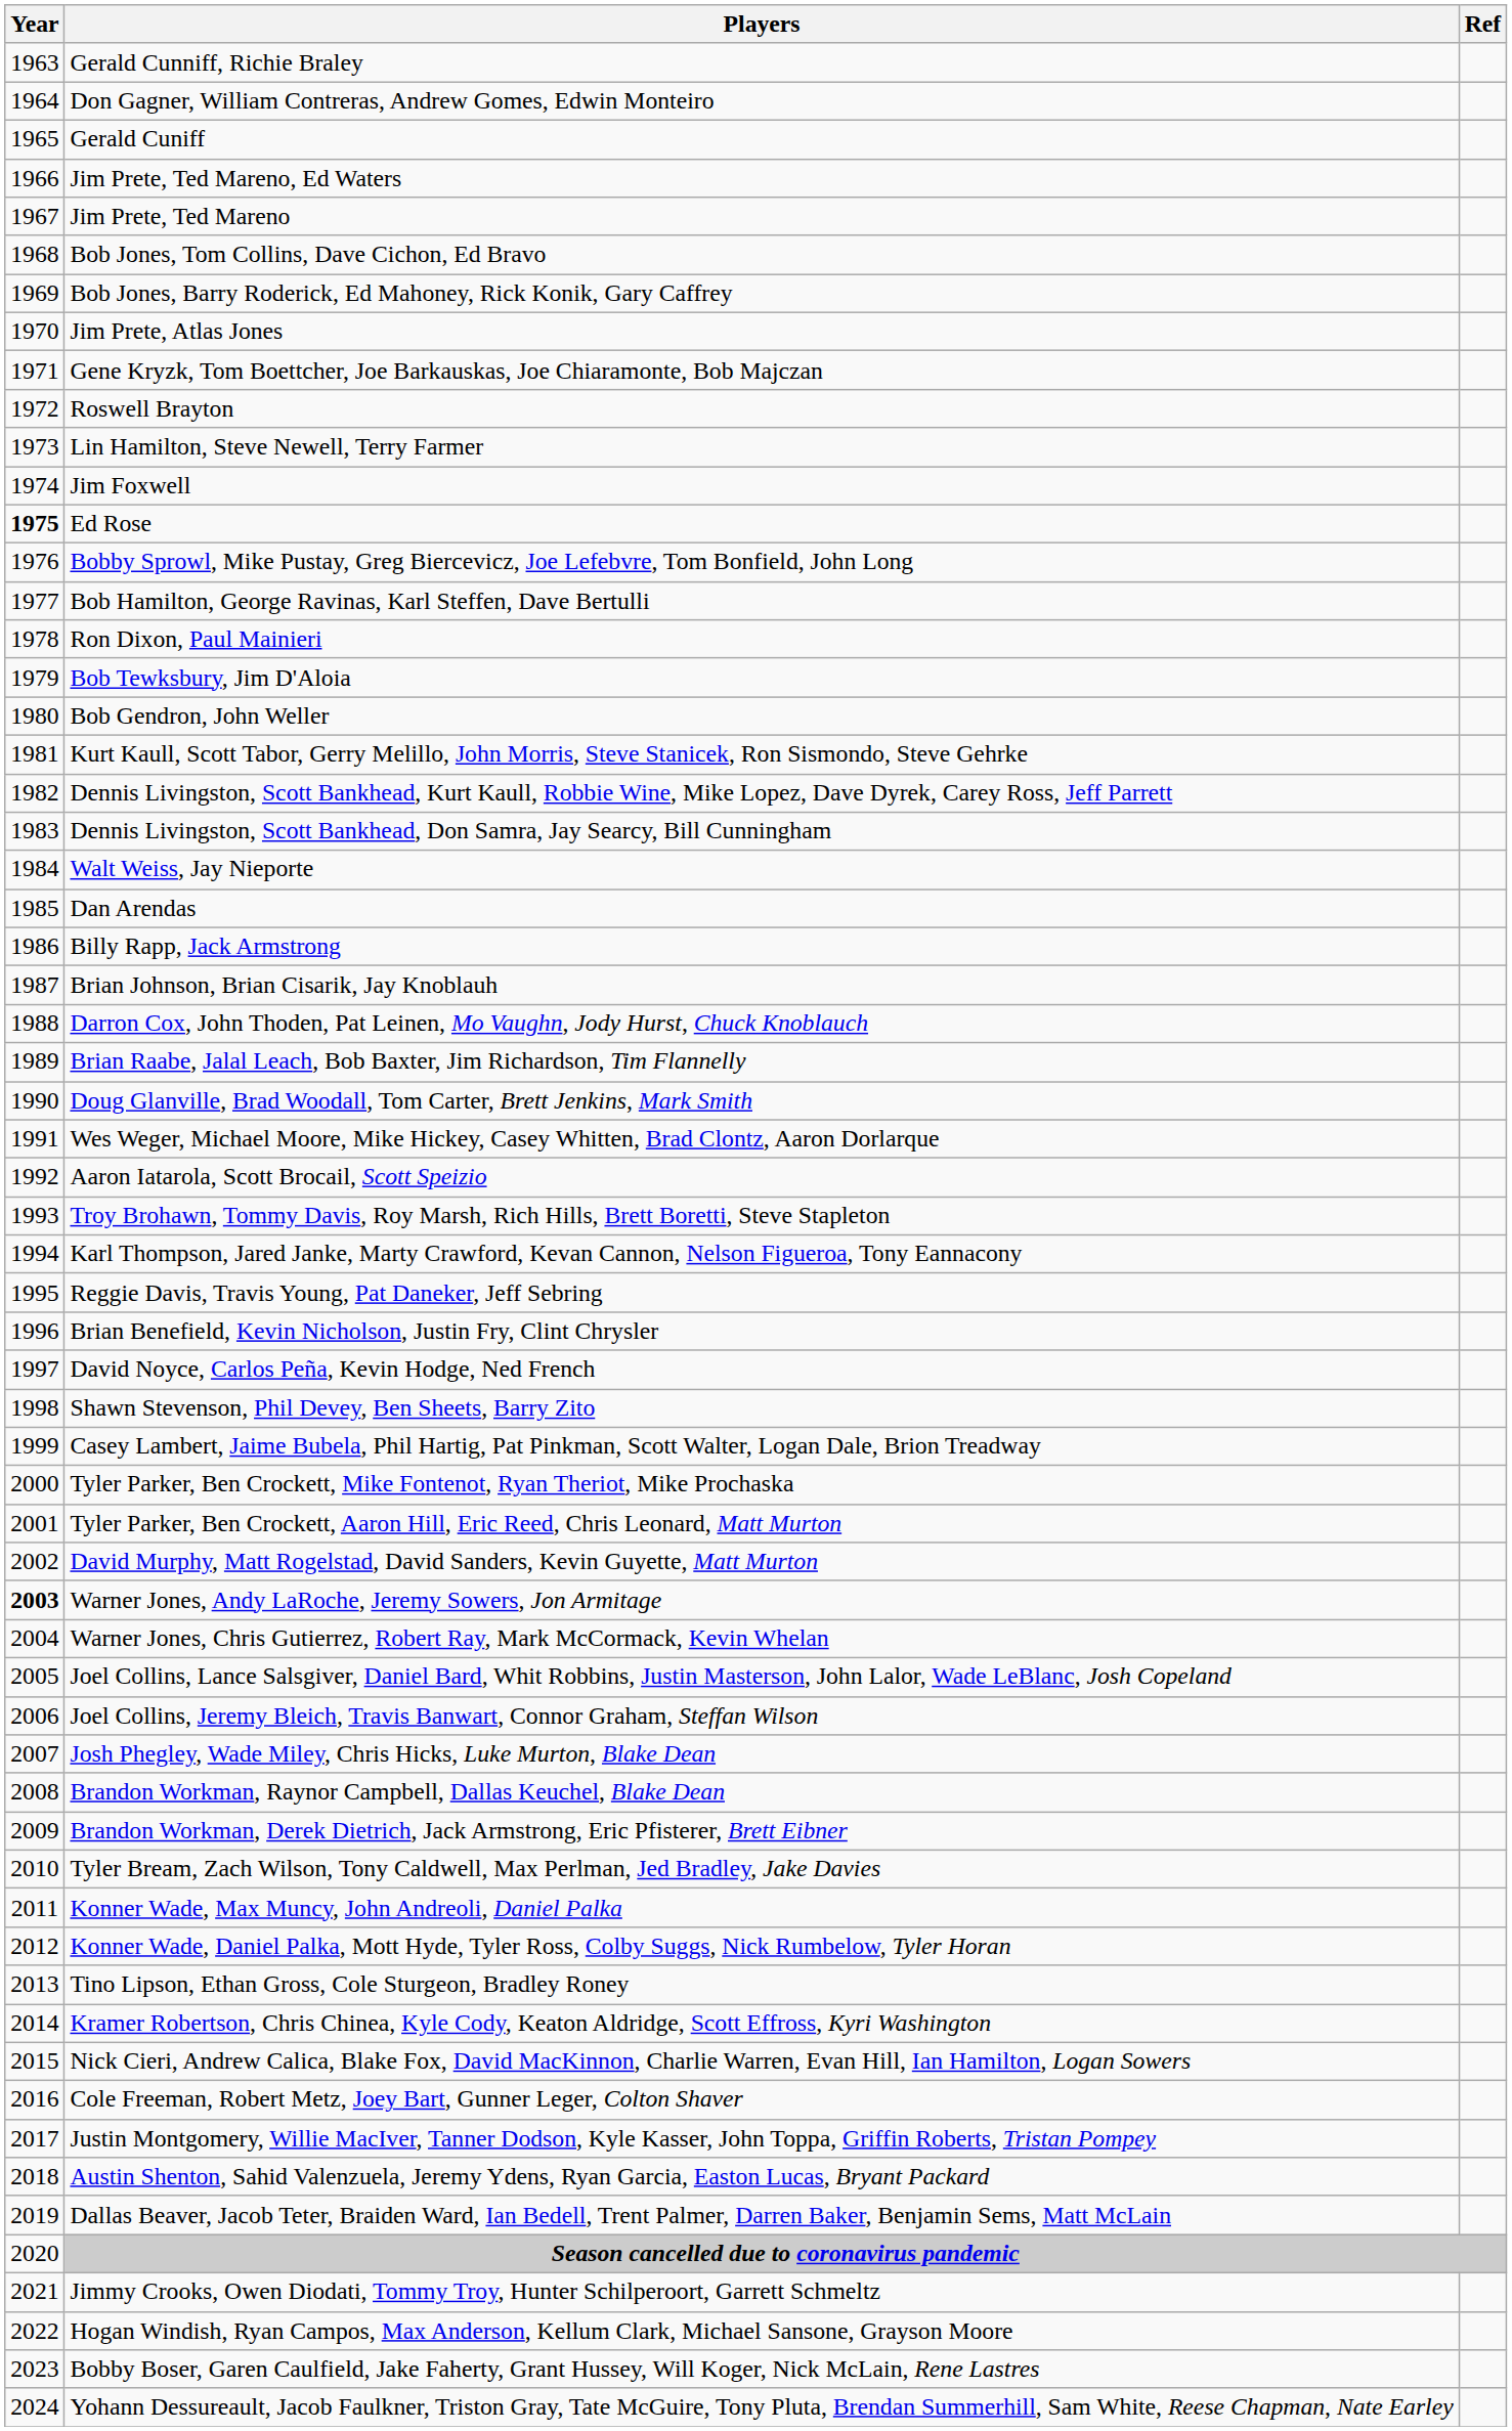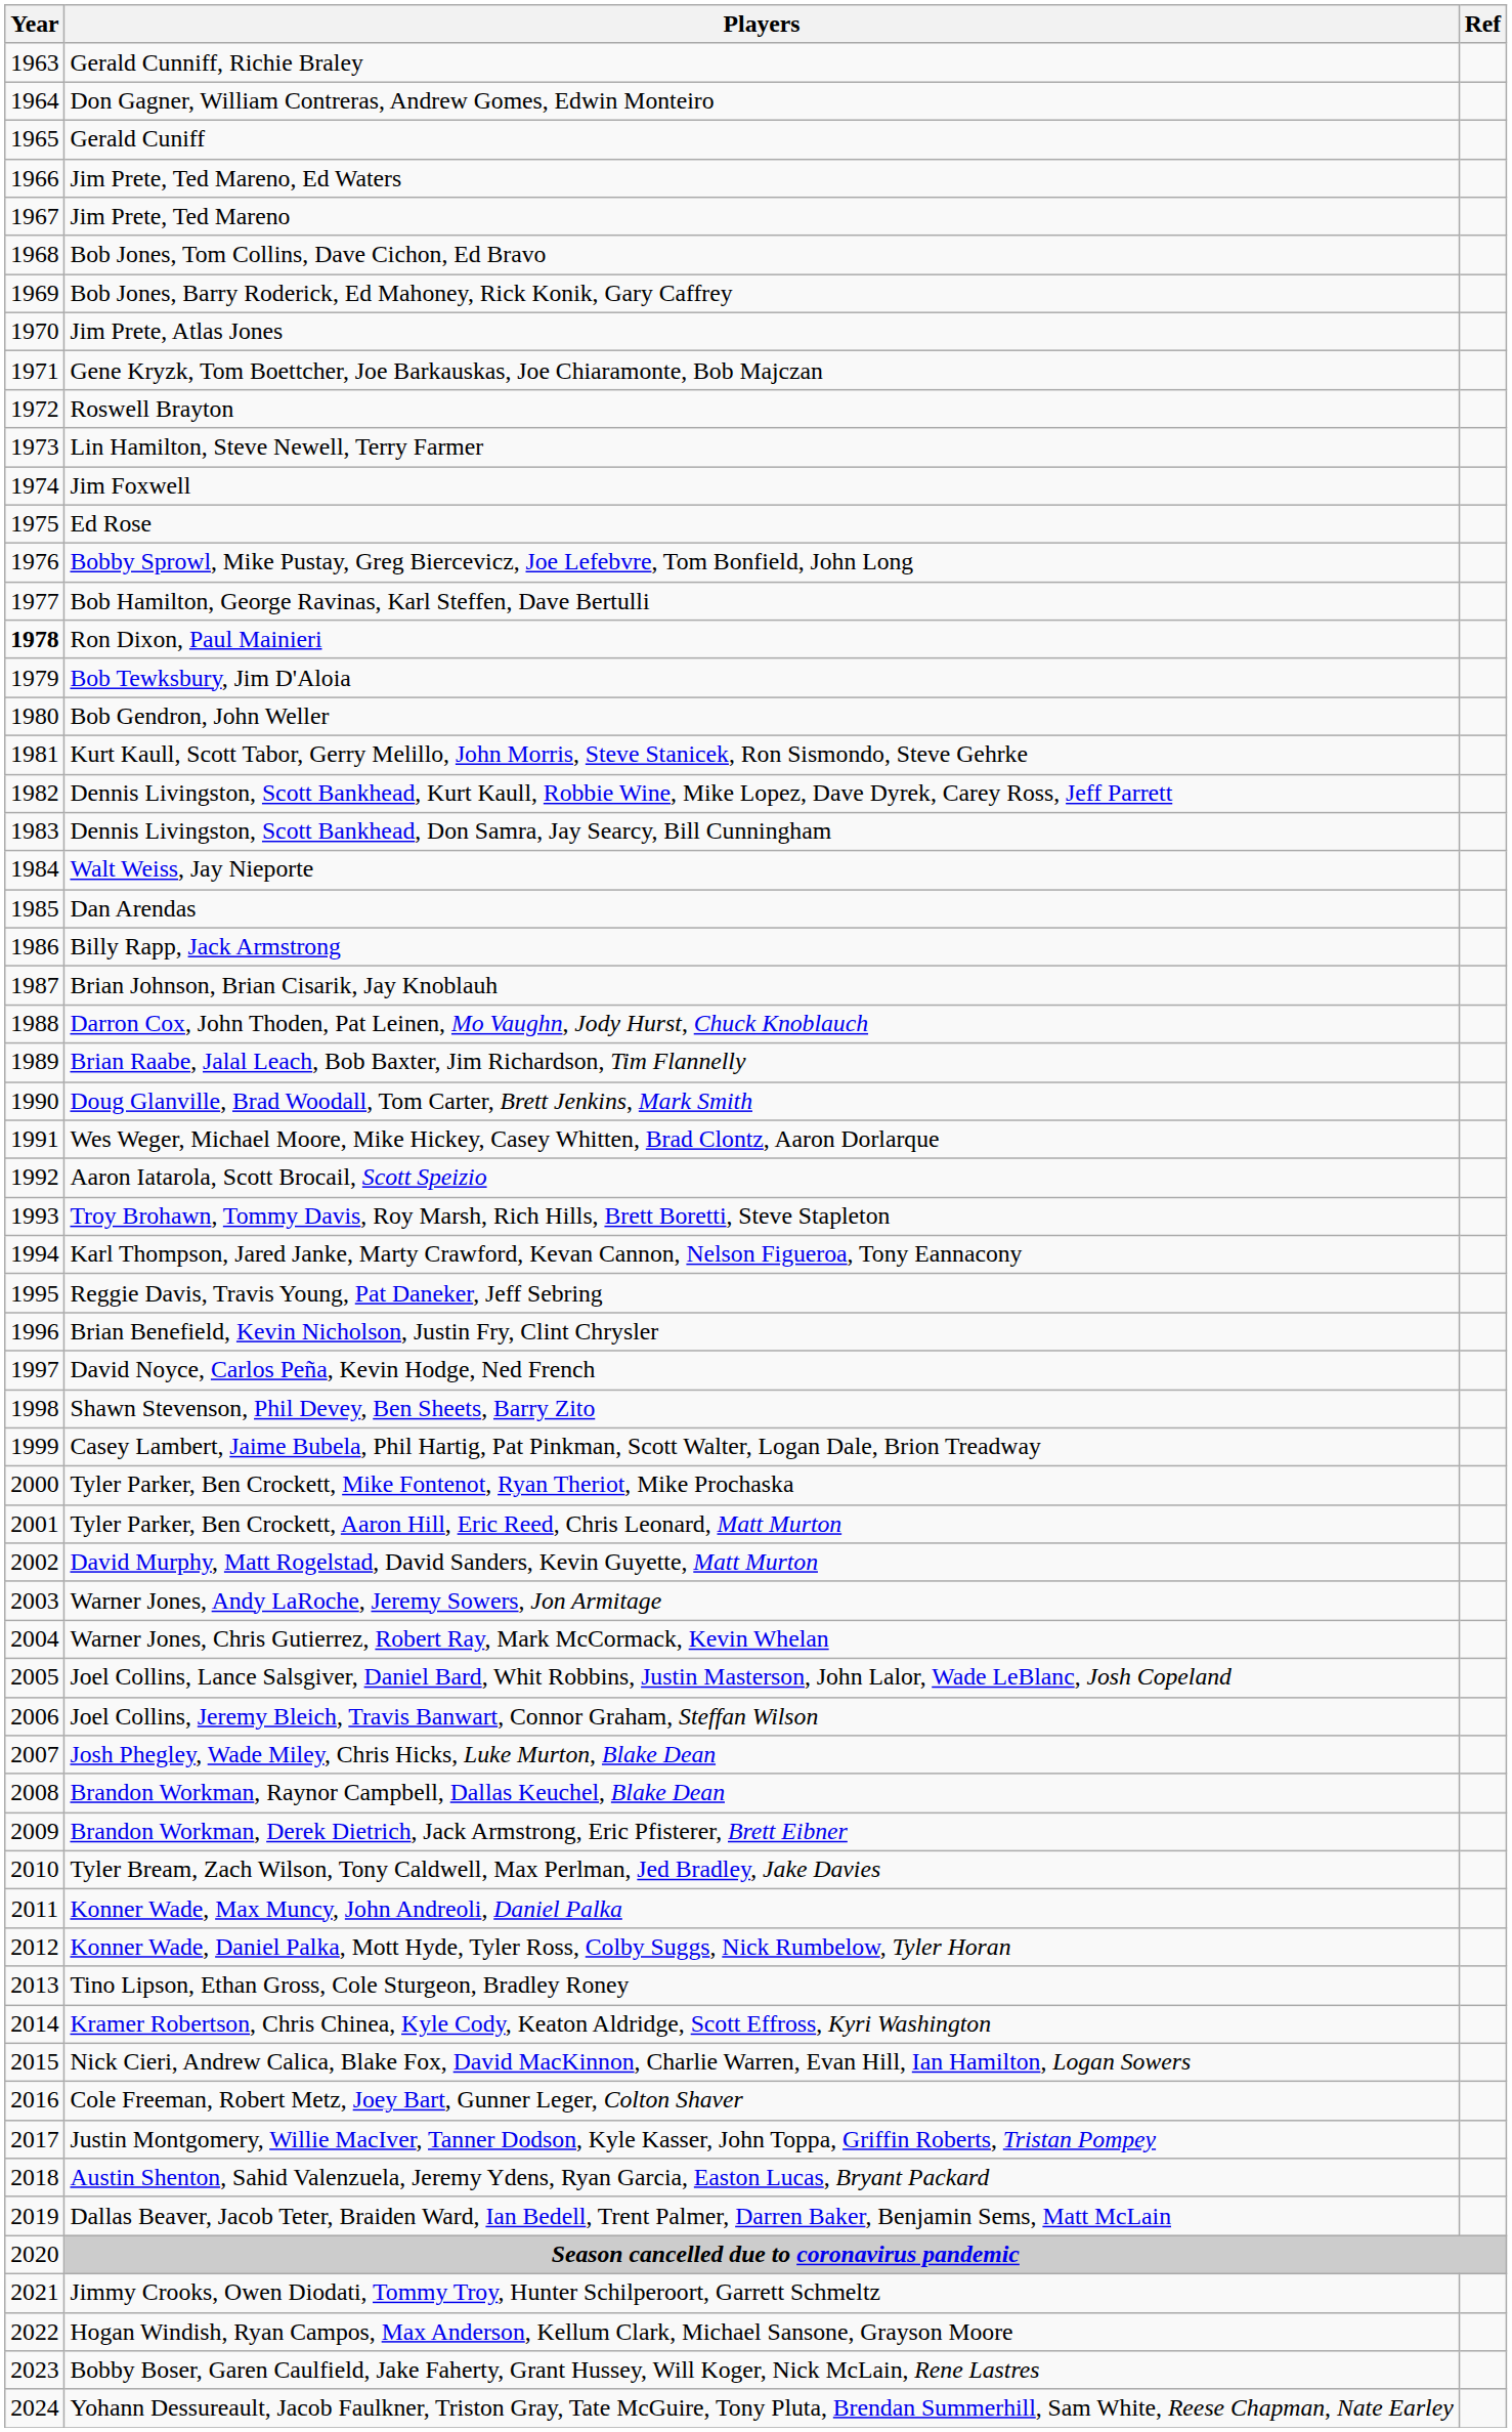 <table class="wikitable" style="text-align:center">
 <tr>
 <th scope="col">Year</th>
 <th scope="col">Players</th>
 <th scope="col">Ref</th>
 </tr>
 <tr>
 <td>1963</td>
 <td style="text-align:left">Gerald Cunniff, Richie Braley</td>
 <td></td>
 </tr>
 <tr>
 <td>1964</td>
 <td style="text-align:left">Don Gagner, William Contreras, Andrew Gomes, Edwin Monteiro</td>
 <td></td>
 </tr>
 <tr>
 <td>1965</td>
 <td style="text-align:left">Gerald Cuniff</td>
 <td></td>
 </tr>
 <tr>
 <td>1966</td>
 <td style="text-align:left">Jim Prete, Ted Mareno, Ed Waters</td>
 <td></td>
 </tr>
 <tr>
 <td>1967</td>
 <td style="text-align:left">Jim Prete, Ted Mareno</td>
 <td></td>
 </tr>
 <tr>
 <td>1968</td>
 <td style="text-align:left">Bob Jones, Tom Collins, Dave Cichon, Ed Bravo</td>
 <td></td>
 </tr>
 <tr>
 <td>1969</td>
 <td style="text-align:left">Bob Jones, Barry Roderick, Ed Mahoney, Rick Konik, Gary Caffrey</td>
 <td></td>
 </tr>
 <tr>
 <td>1970</td>
 <td style="text-align:left">Jim Prete, Atlas Jones</td>
 <td></td>
 </tr>
 <tr>
 <td>1971</td>
 <td style="text-align:left">Gene Kryzk, Tom Boettcher, Joe Barkauskas, Joe Chiaramonte, Bob Majczan</td>
 <td></td>
 </tr>
 <tr>
 <td>1972</td>
 <td style="text-align:left">Roswell Brayton</td>
 <td></td>
 </tr>
 <tr>
 <td>1973</td>
 <td style="text-align:left">Lin Hamilton, Steve Newell, Terry Farmer</td>
 <td></td>
 </tr>
 <tr>
 <td>1974</td>
 <td style="text-align:left">Jim Foxwell</td>
 <td></td>
 </tr>
 <tr>
-<td><strong>1975</strong></td>
+<td>1975</td>
 <td style="text-align:left">Ed Rose</td>
 <td></td>
 </tr>
 <tr>
 <td>1976</td>
 <td style="text-align:left"><a href='#'>Bobby Sprowl</a>, Mike Pustay, Greg Biercevicz, <a href='#'>Joe Lefebvre</a>, Tom Bonfield, John Long</td>
 <td></td>
 </tr>
 <tr>
 <td>1977</td>
 <td style="text-align:left">Bob Hamilton, George Ravinas, Karl Steffen, Dave Bertulli</td>
 <td></td>
 </tr>
 <tr>
-<td>1978</td>
+<td><strong>1978</strong></td>
 <td style="text-align:left">Ron Dixon, <a href='#'>Paul Mainieri</a></td>
 <td></td>
 </tr>
 <tr>
 <td>1979</td>
 <td style="text-align:left"><a href='#'>Bob Tewksbury</a>, Jim D'Aloia</td>
 <td></td>
 </tr>
 <tr>
 <td>1980</td>
 <td style="text-align:left">Bob Gendron, John Weller</td>
 <td></td>
 </tr>
 <tr>
 <td>1981</td>
 <td style="text-align:left">Kurt Kaull, Scott Tabor, Gerry Melillo, <a href='#'>John Morris</a>, <a href='#'>Steve Stanicek</a>, Ron Sismondo, Steve Gehrke</td>
 <td></td>
 </tr>
 <tr>
 <td>1982</td>
 <td style="text-align:left">Dennis Livingston, <a href='#'>Scott Bankhead</a>, Kurt Kaull, <a href='#'>Robbie Wine</a>, Mike Lopez, Dave Dyrek, Carey Ross, <a href='#'>Jeff Parrett</a></td>
 <td></td>
 </tr>
 <tr>
 <td>1983</td>
 <td style="text-align:left">Dennis Livingston, <a href='#'>Scott Bankhead</a>, Don Samra, Jay Searcy, Bill Cunningham</td>
 <td></td>
 </tr>
 <tr>
 <td>1984</td>
 <td style="text-align:left"><a href='#'>Walt Weiss</a>, Jay Nieporte</td>
 <td></td>
 </tr>
 <tr>
 <td>1985</td>
 <td style="text-align:left">Dan Arendas</td>
 <td></td>
 </tr>
 <tr>
 <td>1986</td>
 <td style="text-align:left">Billy Rapp, <a href='#'>Jack Armstrong</a></td>
 <td></td>
 </tr>
 <tr>
 <td>1987</td>
 <td style="text-align:left">Brian Johnson, Brian Cisarik, Jay Knoblauh</td>
 <td></td>
 </tr>
 <tr>
 <td>1988</td>
 <td style="text-align:left"><a href='#'>Darron Cox</a>, John Thoden, Pat Leinen, <em><a href='#'>Mo Vaughn</a></em>, <em>Jody Hurst</em>, <em><a href='#'>Chuck Knoblauch</a></em></td>
 <td></td>
 </tr>
 <tr>
 <td>1989</td>
 <td style="text-align:left"><a href='#'>Brian Raabe</a>, <a href='#'>Jalal Leach</a>, Bob Baxter, Jim Richardson, <em>Tim Flannelly</em></td>
 <td></td>
 </tr>
 <tr>
 <td>1990</td>
 <td style="text-align:left"><a href='#'>Doug Glanville</a>, <a href='#'>Brad Woodall</a>, Tom Carter, <em>Brett Jenkins</em>, <em><a href='#'>Mark Smith</a></em></td>
 <td></td>
 </tr>
 <tr>
 <td>1991</td>
 <td style="text-align:left">Wes Weger, Michael Moore, Mike Hickey, Casey Whitten, <a href='#'>Brad Clontz</a>, Aaron Dorlarque</td>
 <td></td>
 </tr>
 <tr>
 <td>1992</td>
 <td style="text-align:left">Aaron Iatarola, Scott Brocail, <em><a href='#'>Scott Speizio</a></em></td>
 <td></td>
 </tr>
 <tr>
 <td>1993</td>
 <td style="text-align:left"><a href='#'>Troy Brohawn</a>, <a href='#'>Tommy Davis</a>, Roy Marsh, Rich Hills, <a href='#'>Brett Boretti</a>, Steve Stapleton</td>
 <td></td>
 </tr>
 <tr>
 <td>1994</td>
 <td style="text-align:left">Karl Thompson, Jared Janke, Marty Crawford, Kevan Cannon, <a href='#'>Nelson Figueroa</a>, Tony Eannacony</td>
 <td></td>
 </tr>
 <tr>
 <td>1995</td>
 <td style="text-align:left">Reggie Davis, Travis Young, <a href='#'>Pat Daneker</a>, Jeff Sebring</td>
 <td></td>
 </tr>
 <tr>
 <td>1996</td>
 <td style="text-align:left">Brian Benefield, <a href='#'>Kevin Nicholson</a>, Justin Fry, Clint Chrysler</td>
 <td></td>
 </tr>
 <tr>
 <td>1997</td>
 <td style="text-align:left">David Noyce, <a href='#'>Carlos Peña</a>, Kevin Hodge, Ned French</td>
 <td></td>
 </tr>
 <tr>
 <td>1998</td>
 <td style="text-align:left">Shawn Stevenson, <a href='#'>Phil Devey</a>, <a href='#'>Ben Sheets</a>, <a href='#'>Barry Zito</a></td>
 <td></td>
 </tr>
 <tr>
 <td>1999</td>
 <td style="text-align:left">Casey Lambert, <a href='#'>Jaime Bubela</a>, Phil Hartig, Pat Pinkman, Scott Walter, Logan Dale, Brion Treadway</td>
 <td></td>
 </tr>
 <tr>
 <td>2000</td>
 <td style="text-align:left">Tyler Parker, Ben Crockett, <a href='#'>Mike Fontenot</a>, <a href='#'>Ryan Theriot</a>, Mike Prochaska</td>
 <td></td>
 </tr>
 <tr>
 <td>2001</td>
 <td style="text-align:left">Tyler Parker, Ben Crockett, <a href='#'>Aaron Hill</a>, <a href='#'>Eric Reed</a>, Chris Leonard, <em><a href='#'>Matt Murton</a></em></td>
 <td></td>
 </tr>
 <tr>
 <td>2002</td>
 <td style="text-align:left"><a href='#'>David Murphy</a>, <a href='#'>Matt Rogelstad</a>, David Sanders, Kevin Guyette, <em><a href='#'>Matt Murton</a></em></td>
 <td></td>
 </tr>
 <tr>
-<td><strong>2003</strong></td>
+<td>2003</td>
 <td style="text-align:left">Warner Jones, <a href='#'>Andy LaRoche</a>, <a href='#'>Jeremy Sowers</a>, <em>Jon Armitage</em></td>
 <td></td>
 </tr>
 <tr>
 <td>2004</td>
 <td style="text-align:left">Warner Jones, Chris Gutierrez, <a href='#'>Robert Ray</a>, Mark McCormack, <a href='#'>Kevin Whelan</a></td>
 <td></td>
 </tr>
 <tr>
 <td>2005</td>
 <td style="text-align:left">Joel Collins, Lance Salsgiver, <a href='#'>Daniel Bard</a>, Whit Robbins, <a href='#'>Justin Masterson</a>, John Lalor, <a href='#'>Wade LeBlanc</a>, <em>Josh Copeland</em></td>
 <td></td>
 </tr>
 <tr>
 <td>2006</td>
 <td style="text-align:left">Joel Collins, <a href='#'>Jeremy Bleich</a>, <a href='#'>Travis Banwart</a>, Connor Graham, <em>Steffan Wilson</em></td>
 <td></td>
 </tr>
 <tr>
 <td>2007</td>
 <td style="text-align:left"><a href='#'>Josh Phegley</a>, <a href='#'>Wade Miley</a>, Chris Hicks, <em>Luke Murton</em>, <em><a href='#'>Blake Dean</a></em></td>
 <td></td>
 </tr>
 <tr>
 <td>2008</td>
 <td style="text-align:left"><a href='#'>Brandon Workman</a>, Raynor Campbell, <a href='#'>Dallas Keuchel</a>, <em><a href='#'>Blake Dean</a></em></td>
 <td></td>
 </tr>
 <tr>
 <td>2009</td>
 <td style="text-align:left"><a href='#'>Brandon Workman</a>, <a href='#'>Derek Dietrich</a>, Jack Armstrong, Eric Pfisterer, <em><a href='#'>Brett Eibner</a></em></td>
 <td></td>
 </tr>
 <tr>
 <td>2010</td>
 <td style="text-align:left">Tyler Bream, Zach Wilson, Tony Caldwell, Max Perlman, <a href='#'>Jed Bradley</a>, <em>Jake Davies</em></td>
 <td></td>
 </tr>
 <tr>
 <td>2011</td>
 <td style="text-align:left"><a href='#'>Konner Wade</a>, <a href='#'>Max Muncy</a>, <a href='#'>John Andreoli</a>, <em><a href='#'>Daniel Palka</a></em></td>
 <td></td>
 </tr>
 <tr>
 <td>2012</td>
 <td style="text-align:left"><a href='#'>Konner Wade</a>, <a href='#'>Daniel Palka</a>, Mott Hyde, Tyler Ross, <a href='#'>Colby Suggs</a>, <a href='#'>Nick Rumbelow</a>, <em>Tyler Horan</em></td>
 <td></td>
 </tr>
 <tr>
 <td>2013</td>
 <td style="text-align:left">Tino Lipson, Ethan Gross, Cole Sturgeon, Bradley Roney</td>
 <td></td>
 </tr>
 <tr>
 <td>2014</td>
 <td style="text-align:left"><a href='#'>Kramer Robertson</a>, Chris Chinea, <a href='#'>Kyle Cody</a>, Keaton Aldridge, <a href='#'>Scott Effross</a>, <em>Kyri Washington</em></td>
 <td></td>
 </tr>
 <tr>
 <td>2015</td>
 <td style="text-align:left">Nick Cieri, Andrew Calica, Blake Fox, <a href='#'>David MacKinnon</a>, Charlie Warren, Evan Hill, <a href='#'>Ian Hamilton</a>, <em>Logan Sowers</em></td>
 <td></td>
 </tr>
 <tr>
 <td>2016</td>
 <td style="text-align:left">Cole Freeman, Robert Metz, <a href='#'>Joey Bart</a>, Gunner Leger, <em>Colton Shaver</em></td>
 <td></td>
 </tr>
 <tr>
 <td>2017</td>
 <td style="text-align:left">Justin Montgomery, <a href='#'>Willie MacIver</a>, <a href='#'>Tanner Dodson</a>, Kyle Kasser, John Toppa, <a href='#'>Griffin Roberts</a>, <em><a href='#'>Tristan Pompey</a></em></td>
 <td></td>
 </tr>
 <tr>
 <td>2018</td>
 <td style="text-align:left"><a href='#'>Austin Shenton</a>, Sahid Valenzuela, Jeremy Ydens, Ryan Garcia, <a href='#'>Easton Lucas</a>, <em>Bryant Packard</em></td>
 <td></td>
 </tr>
 <tr>
 <td>2019</td>
 <td style="text-align:left">Dallas Beaver, Jacob Teter, Braiden Ward, <a href='#'>Ian Bedell</a>, Trent Palmer, <a href='#'>Darren Baker</a>, Benjamin Sems, <a href='#'>Matt McLain</a></td>
 <td></td>
 </tr>
 <tr>
 <td>2020</td>
 <td colspan="2" align="center" bgcolor=#cccccc><strong><em>Season cancelled due to <a href='#'>coronavirus pandemic</a></em></strong></td>
 </tr>
 <tr>
 <td>2021</td>
 <td style="text-align:left">Jimmy Crooks, Owen Diodati, <a href='#'>Tommy Troy</a>, Hunter Schilperoort, Garrett Schmeltz</td>
 <td></td>
 </tr>
 <tr>
 <td>2022</td>
 <td style="text-align:left">Hogan Windish, Ryan Campos, <a href='#'>Max Anderson</a>, Kellum Clark, Michael Sansone, Grayson Moore</td>
 <td></td>
 </tr>
 <tr>
 <td>2023</td>
 <td style="text-align:left">Bobby Boser, Garen Caulfield, Jake Faherty, Grant Hussey, Will Koger, Nick McLain, <em>Rene Lastres</em></td>
 <td></td>
 </tr>
 <tr>
 <td>2024</td>
 <td style="text-align:left">Yohann Dessureault, Jacob Faulkner, Triston Gray, Tate McGuire, Tony Pluta, <a href='#'>Brendan Summerhill</a>, Sam White, <em>Reese Chapman</em>, <em>Nate Earley</em></td>
 <td></td>
 </tr>
 <tr>
 </tr>
 </table>
